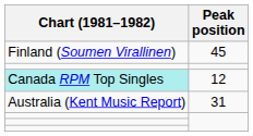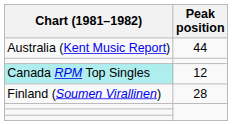 <table class="wikitable sortable plainrowheaders">
 <tr>
 <th scope="col">Chart (1981–1982)</th>
 <th scope="col">Peak<br>position</th>
 </tr>
 <tr>
-<td align="left">Finland (<em><a href='#'>Soumen Virallinen</a></em>)</td>
-<td style="text-align:center;">45</td>
+<td align="left">Australia (<a href='#'>Kent Music Report</a>)</td>
+<td style="text-align:center;">44</td>
 </tr>
 <tr>
 <td></td>
 </tr>
 <tr>
 <td style="background: paleturquoise;">Canada <em><a href='#'>RPM</a></em> Top Singles</td>
 <td style="text-align:center;">12</td>
 </tr>
 <tr>
-<td align="left">Australia (<a href='#'>Kent Music Report</a>)</td>
-<td style="text-align:center;">31</td>
+<td align="left">Finland (<em><a href='#'>Soumen Virallinen</a></em>)</td>
+<td style="text-align:center;">28</td>
 </tr>
 <tr>
 <td></td>
 </tr>
 <tr>
 <td></td>
 </tr>
 <tr>
 <td></td>
 </tr>
 </table>
